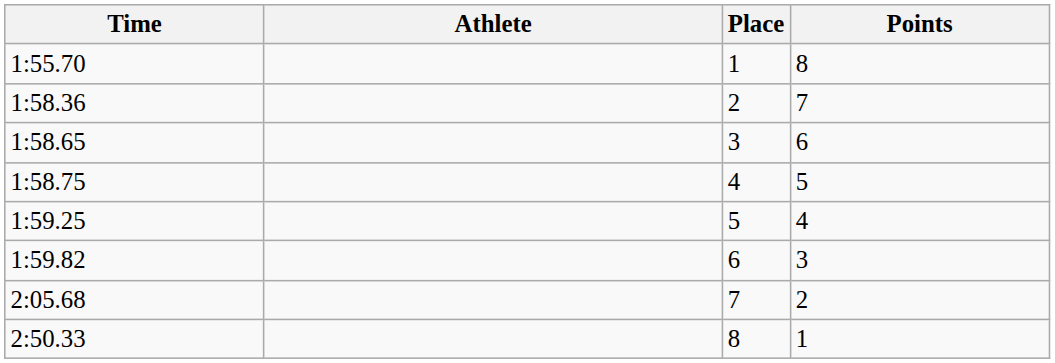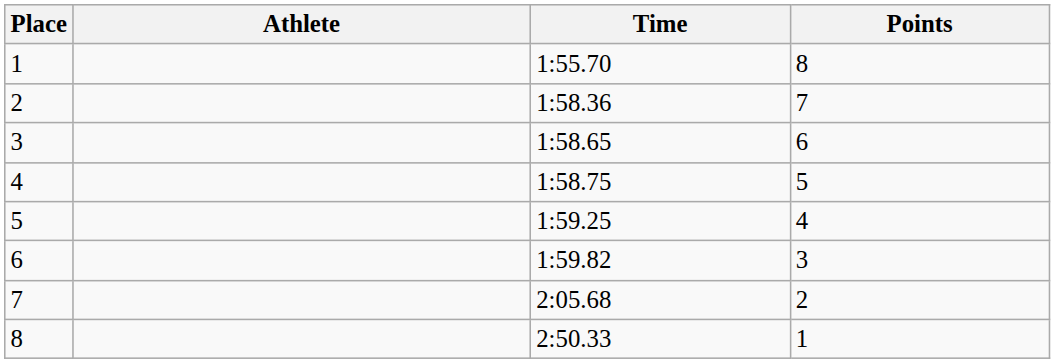 <table class=wikitable>
 <tr>
+<th>Place</th>
+<th style="width:18em">Athlete</th>
 <th style="width:10em">Time</th>
-<th style="width:18em">Athlete</th>
-<th>Place</th>
 <th style="width:10em">Points</th>
 </tr>
 <tr>
+<td>1</td>
+<td></td>
 <td>1:55.70 </td>
-<td></td>
-<td>1</td>
 <td>8</td>
 </tr>
 <tr>
+<td>2</td>
+<td></td>
 <td>1:58.36</td>
-<td></td>
-<td>2</td>
 <td>7</td>
 </tr>
 <tr>
+<td>3</td>
+<td></td>
 <td>1:58.65</td>
-<td></td>
-<td>3</td>
 <td>6</td>
 </tr>
 <tr>
+<td>4</td>
+<td></td>
 <td>1:58.75 </td>
-<td></td>
-<td>4</td>
 <td>5</td>
 </tr>
 <tr>
+<td>5</td>
+<td></td>
 <td>1:59.25</td>
-<td></td>
-<td>5</td>
 <td>4</td>
 </tr>
 <tr>
+<td>6</td>
+<td></td>
 <td>1:59.82</td>
-<td></td>
-<td>6</td>
 <td>3</td>
 </tr>
 <tr>
+<td>7</td>
+<td></td>
 <td>2:05.68</td>
-<td></td>
-<td>7</td>
 <td>2</td>
 </tr>
 <tr>
+<td>8</td>
+<td></td>
 <td>2:50.33</td>
-<td></td>
-<td>8</td>
 <td>1</td>
 </tr>
 </table>
